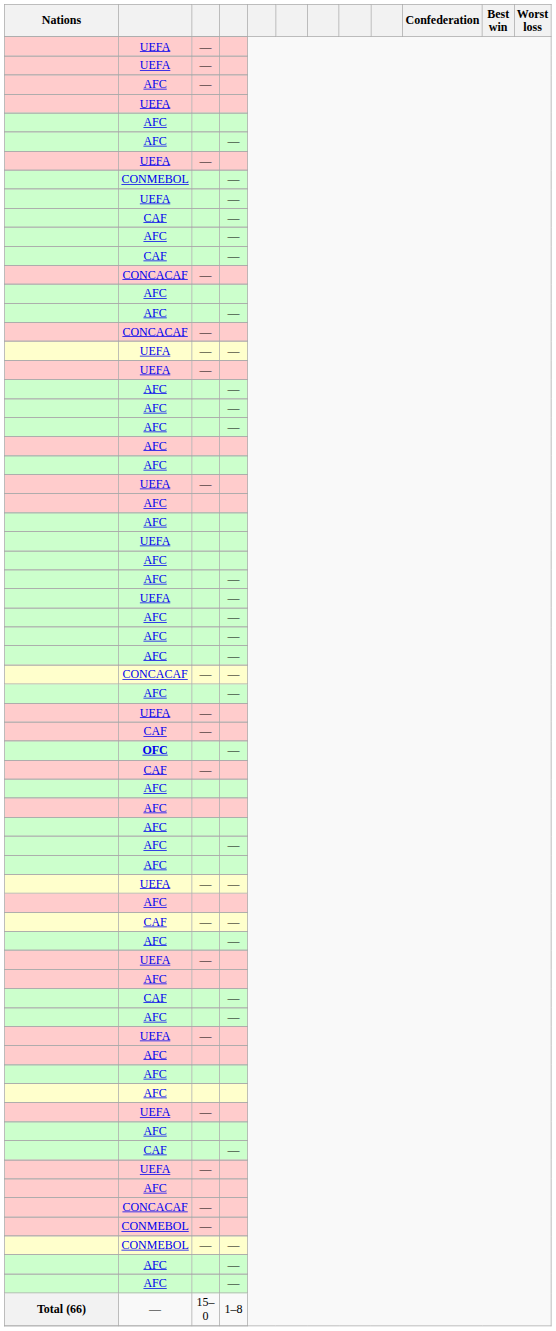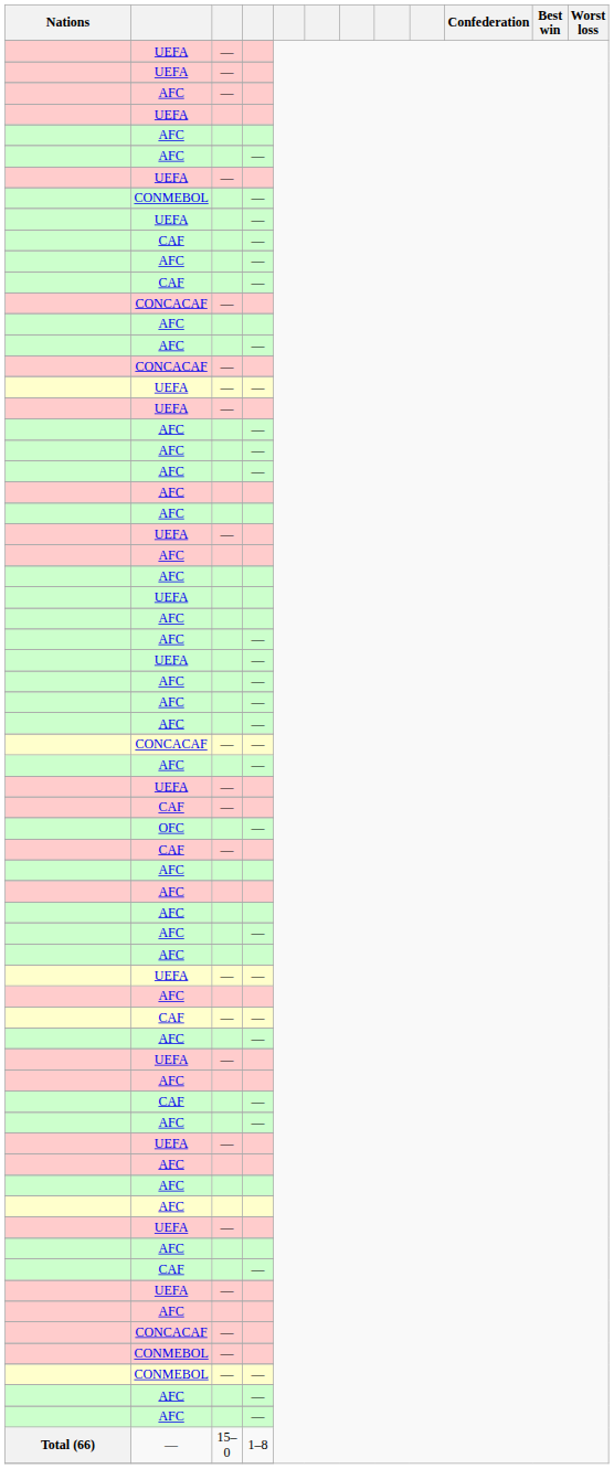 <table class="wikitable sortable" style="text-align:center;">
 <tr style="color:black;">
 <th style="width:145px;">Nations</th>
 <th width=30></th>
 <th width=30></th>
 <th width=30></th>
 <th width=30></th>
 <th width=35></th>
 <th width=35></th>
 <th width=35></th>
 <th width=35></th>
 <th>Confederation</th>
 <th width=35>Best win</th>
 <th width=35>Worst loss</th>
 </tr>
 <tr>
 </tr>
 <tr bgcolor=#FFCCCC>
 <td align=left><br></td>
 <td><a href='#'>UEFA</a></td>
 <td>—</td>
 <td></td>
 </tr>
 <tr>
 </tr>
 <tr bgcolor=#FFCCCC>
 <td align=left><br></td>
 <td><a href='#'>UEFA</a></td>
 <td>—</td>
 <td></td>
 </tr>
 <tr>
 </tr>
 <tr bgcolor=#FFCCCC>
 <td align=left><br></td>
 <td><a href='#'>AFC</a></td>
 <td>—</td>
 <td></td>
 </tr>
 <tr>
 </tr>
 <tr bgcolor=#FFCCCC>
 <td align=left><br></td>
 <td><a href='#'>UEFA</a></td>
 <td></td>
 <td></td>
 </tr>
 <tr>
 </tr>
 <tr bgcolor=#CCFFCC>
 <td align=left><br></td>
 <td><a href='#'>AFC</a></td>
 <td></td>
 <td></td>
 </tr>
 <tr>
 </tr>
 <tr bgcolor=#CCFFCC>
 <td align=left><br></td>
 <td><a href='#'>AFC</a></td>
 <td></td>
 <td>—</td>
 </tr>
 <tr>
 </tr>
 <tr bgcolor=#FFCCCC>
 <td align=left><br></td>
 <td><a href='#'>UEFA</a></td>
 <td>—</td>
 <td></td>
 </tr>
 <tr>
 </tr>
 <tr bgcolor=#CCFFCC>
 <td align=left><br></td>
 <td><a href='#'>CONMEBOL</a></td>
 <td></td>
 <td>—</td>
 </tr>
 <tr>
 </tr>
 <tr bgcolor=#CCFFCC>
 <td align=left><br></td>
 <td><a href='#'>UEFA</a></td>
 <td></td>
 <td>—</td>
 </tr>
 <tr>
 </tr>
 <tr bgcolor=#CCFFCC>
 <td align=left><br></td>
 <td><a href='#'>CAF</a></td>
 <td></td>
 <td>—</td>
 </tr>
 <tr>
 </tr>
 <tr bgcolor=#CCFFCC>
 <td align=left><br></td>
 <td><a href='#'>AFC</a></td>
 <td></td>
 <td>—</td>
 </tr>
 <tr>
 </tr>
 <tr bgcolor=#CCFFCC>
 <td align=left><br></td>
 <td><a href='#'>CAF</a></td>
 <td></td>
 <td>—</td>
 </tr>
 <tr>
 </tr>
 <tr bgcolor=#FFCCCC>
 <td align=left><br></td>
 <td><a href='#'>CONCACAF</a></td>
 <td>—</td>
 <td></td>
 </tr>
 <tr>
 </tr>
 <tr bgcolor=#CCFFCC>
 <td align=left><br></td>
 <td><a href='#'>AFC</a></td>
 <td></td>
 <td></td>
 </tr>
 <tr>
 </tr>
 <tr bgcolor=#CCFFCC>
 <td align=left><br></td>
 <td><a href='#'>AFC</a></td>
 <td></td>
 <td>—</td>
 </tr>
 <tr>
 </tr>
 <tr bgcolor=#FFCCCC>
 <td align=left><br></td>
 <td><a href='#'>CONCACAF</a></td>
 <td>—</td>
 <td></td>
 </tr>
 <tr>
 </tr>
 <tr bgcolor=#FFFFCC>
 <td align=left><br></td>
 <td><a href='#'>UEFA</a></td>
 <td>—</td>
 <td>—</td>
 </tr>
 <tr>
 </tr>
 <tr bgcolor=#FFCCCC>
 <td align=left><br></td>
 <td><a href='#'>UEFA</a></td>
 <td>—</td>
 <td></td>
 </tr>
 <tr>
 </tr>
 <tr bgcolor=#CCFFCC>
 <td align=left><br></td>
 <td><a href='#'>AFC</a></td>
 <td></td>
 <td>—</td>
 </tr>
 <tr>
 </tr>
 <tr bgcolor=#CCFFCC>
 <td align=left><br></td>
 <td><a href='#'>AFC</a></td>
 <td></td>
 <td>—</td>
 </tr>
 <tr>
 </tr>
 <tr bgcolor=#CCFFCC>
 <td align=left><br></td>
 <td><a href='#'>AFC</a></td>
 <td></td>
 <td>—</td>
 </tr>
 <tr>
 </tr>
 <tr bgcolor=#FFCCCC>
 <td align=left><br></td>
 <td><a href='#'>AFC</a></td>
 <td></td>
 <td></td>
 </tr>
 <tr>
 </tr>
 <tr bgcolor=#CCFFCC>
 <td align=left><br></td>
 <td><a href='#'>AFC</a></td>
 <td></td>
 <td></td>
 </tr>
 <tr>
 </tr>
 <tr bgcolor=#FFCCCC>
 <td align=left><br></td>
 <td><a href='#'>UEFA</a></td>
 <td>—</td>
 <td></td>
 </tr>
 <tr>
 </tr>
 <tr bgcolor=#FFCCCC>
 <td align=left><br></td>
 <td><a href='#'>AFC</a></td>
 <td></td>
 <td></td>
 </tr>
 <tr>
 </tr>
 <tr bgcolor=#CCFFCC>
 <td align=left><br></td>
 <td><a href='#'>AFC</a></td>
 <td></td>
 <td></td>
 </tr>
 <tr>
 </tr>
 <tr bgcolor=#CCFFCC>
 <td align=left><br></td>
 <td><a href='#'>UEFA</a></td>
 <td></td>
 <td></td>
 </tr>
 <tr>
 </tr>
 <tr bgcolor=#CCFFCC>
 <td align=left><br></td>
 <td><a href='#'>AFC</a></td>
 <td></td>
 <td></td>
 </tr>
 <tr>
 </tr>
 <tr bgcolor=#CCFFCC>
 <td align=left><br></td>
 <td><a href='#'>AFC</a></td>
 <td></td>
 <td>—</td>
 </tr>
 <tr>
 </tr>
 <tr bgcolor=#CCFFCC>
 <td align=left><br></td>
 <td><a href='#'>UEFA</a></td>
 <td></td>
 <td>—</td>
 </tr>
 <tr>
 </tr>
 <tr bgcolor=#CCFFCC>
 <td align=left><br></td>
 <td><a href='#'>AFC</a></td>
 <td></td>
 <td>—</td>
 </tr>
 <tr>
 </tr>
 <tr bgcolor=#CCFFCC>
 <td align=left><br></td>
 <td><a href='#'>AFC</a></td>
 <td></td>
 <td>—</td>
 </tr>
 <tr>
 </tr>
 <tr bgcolor=#CCFFCC>
 <td align=left><br></td>
 <td><a href='#'>AFC</a></td>
 <td></td>
 <td>—</td>
 </tr>
 <tr>
 </tr>
 <tr bgcolor=#FFFFCC>
 <td align=left><br></td>
 <td><a href='#'>CONCACAF</a></td>
 <td>—</td>
 <td>—</td>
 </tr>
 <tr bgcolor=#CCFFCC>
 <td align=left><br></td>
 <td><a href='#'>AFC</a></td>
 <td></td>
 <td>—</td>
 </tr>
 <tr>
 </tr>
 <tr bgcolor=#FFCCCC>
 <td align=left><br></td>
 <td><a href='#'>UEFA</a></td>
 <td>—</td>
 <td></td>
 </tr>
 <tr>
 </tr>
 <tr bgcolor=#FFCCCC>
 <td align=left><br></td>
 <td><a href='#'>CAF</a></td>
 <td>—</td>
 <td></td>
 </tr>
 <tr>
 </tr>
 <tr bgcolor=#CCFFCC>
 <td align=left><br></td>
-<td><strong><a href='#'>OFC</a></strong></td>
+<td><a href='#'>OFC</a></td>
 <td></td>
 <td>—</td>
 </tr>
 <tr>
 </tr>
 <tr bgcolor=#FFCCCC>
 <td align=left><br></td>
 <td><a href='#'>CAF</a></td>
 <td>—</td>
 <td></td>
 </tr>
 <tr>
 </tr>
 <tr bgcolor=#CCFFCC>
 <td align=left><br></td>
 <td><a href='#'>AFC</a></td>
 <td></td>
 <td></td>
 </tr>
 <tr>
 </tr>
 <tr bgcolor=#FFCCCC>
 <td align=left><br></td>
 <td><a href='#'>AFC</a></td>
 <td></td>
 <td></td>
 </tr>
 <tr>
 </tr>
 <tr bgcolor=#CCFFCC>
 <td align=left><br></td>
 <td><a href='#'>AFC</a></td>
 <td></td>
 <td></td>
 </tr>
 <tr>
 </tr>
 <tr bgcolor=#CCFFCC>
 <td align=left><br></td>
 <td><a href='#'>AFC</a></td>
 <td></td>
 <td>—</td>
 </tr>
 <tr>
 </tr>
 <tr bgcolor=#CCFFCC>
 <td align=left><br></td>
 <td><a href='#'>AFC</a></td>
 <td></td>
 <td></td>
 </tr>
 <tr>
 </tr>
 <tr bgcolor=#FFFFCC>
 <td align=left><br></td>
 <td><a href='#'>UEFA</a></td>
 <td>—</td>
 <td>—</td>
 </tr>
 <tr bgcolor=#FFCCCC>
 <td align=left><br></td>
 <td><a href='#'>AFC</a></td>
 <td></td>
 <td></td>
 </tr>
 <tr>
 </tr>
 <tr bgcolor=#FFFFCC>
 <td align=left><br></td>
 <td><a href='#'>CAF</a></td>
 <td>—</td>
 <td>—</td>
 </tr>
 <tr>
 </tr>
 <tr bgcolor=#CCFFCC>
 <td align=left><br></td>
 <td><a href='#'>AFC</a></td>
 <td></td>
 <td>—</td>
 </tr>
 <tr>
 </tr>
 <tr bgcolor=#FFCCCC>
 <td align=left><br></td>
 <td><a href='#'>UEFA</a></td>
 <td>—</td>
 <td></td>
 </tr>
 <tr>
 </tr>
 <tr bgcolor=#FFCCCC>
 <td align=left><br></td>
 <td><a href='#'>AFC</a></td>
 <td></td>
 <td></td>
 </tr>
 <tr>
 </tr>
 <tr bgcolor=#CCFFCC>
 <td align=left><br></td>
 <td><a href='#'>CAF</a></td>
 <td></td>
 <td>—</td>
 </tr>
 <tr>
 </tr>
 <tr bgcolor=#CCFFCC>
 <td align=left><br></td>
 <td><a href='#'>AFC</a></td>
 <td></td>
 <td>—</td>
 </tr>
 <tr>
 </tr>
 <tr bgcolor=#FFCCCC>
 <td align=left><br></td>
 <td><a href='#'>UEFA</a></td>
 <td>—</td>
 <td></td>
 </tr>
 <tr>
 </tr>
 <tr bgcolor=#FFCCCC>
 <td align=left><br></td>
 <td><a href='#'>AFC</a></td>
 <td></td>
 <td></td>
 </tr>
 <tr>
 </tr>
 <tr bgcolor=#CCFFCC>
 <td align=left><br></td>
 <td><a href='#'>AFC</a></td>
 <td></td>
 <td></td>
 </tr>
 <tr>
 </tr>
 <tr bgcolor=#FFFFCC>
 <td align=left><br></td>
 <td><a href='#'>AFC</a></td>
 <td></td>
 <td></td>
 </tr>
 <tr>
 </tr>
 <tr bgcolor=#FFCCCC>
 <td align=left><br></td>
 <td><a href='#'>UEFA</a></td>
 <td>—</td>
 <td></td>
 </tr>
 <tr>
 </tr>
 <tr bgcolor=#CCFFCC>
 <td align=left><br></td>
 <td><a href='#'>AFC</a></td>
 <td></td>
 <td></td>
 </tr>
 <tr>
 </tr>
 <tr bgcolor=#CCFFCC>
 <td align=left><br></td>
 <td><a href='#'>CAF</a></td>
 <td></td>
 <td>—</td>
 </tr>
 <tr>
 </tr>
 <tr bgcolor=#FFCCCC>
 <td align=left><br></td>
 <td><a href='#'>UEFA</a></td>
 <td>—</td>
 <td></td>
 </tr>
 <tr>
 </tr>
 <tr bgcolor=#FFCCCC>
 <td align=left><br></td>
 <td><a href='#'>AFC</a></td>
 <td></td>
 <td></td>
 </tr>
 <tr>
 </tr>
 <tr bgcolor=#FFCCCC>
 <td align=left><br></td>
 <td><a href='#'>CONCACAF</a></td>
 <td>—</td>
 <td></td>
 </tr>
 <tr>
 </tr>
 <tr bgcolor=#FFCCCC>
 <td align=left><br></td>
 <td><a href='#'>CONMEBOL</a></td>
 <td>—</td>
 <td></td>
 </tr>
 <tr>
 </tr>
 <tr bgcolor=#FFFFCC>
 <td align=left><br></td>
 <td><a href='#'>CONMEBOL</a></td>
 <td>—</td>
 <td>—</td>
 </tr>
 <tr>
 </tr>
 <tr bgcolor=#CCFFCC>
 <td align=left><br></td>
 <td><a href='#'>AFC</a></td>
 <td></td>
 <td>—</td>
 </tr>
 <tr>
 </tr>
 <tr bgcolor=#CCFFCC>
 <td align=left><br></td>
 <td><a href='#'>AFC</a></td>
 <td></td>
 <td>—</td>
 </tr>
 <tr class="sortbottom">
 <th align=center>Total (66)<br></th>
 <td>—</td>
 <td>15–0</td>
 <td>1–8</td>
 </tr>
 <tr>
 </tr>
 </table>
